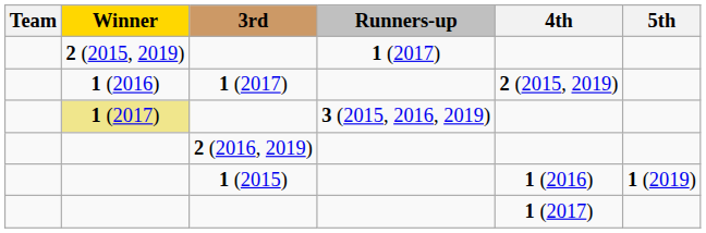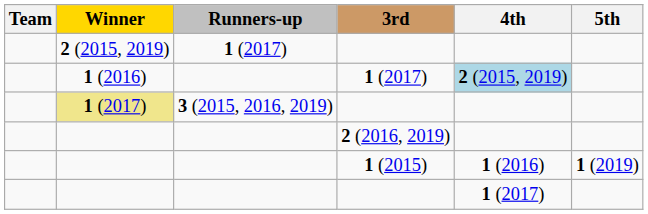 <table class="wikitable sortable"  style="text-align: center;">
 <tr>
 <th>Team</th>
 <th style="background:#FFD700;">Winner</th>
+<th style="background:#C0C0C0;">Runners-up</th>
 <th style="background:#CC9966;">3rd</th>
-<th style="background:#C0C0C0;">Runners-up</th>
 <th>4th</th>
 <th>5th</th>
 </tr>
 <tr>
 <td align=left></td>
 <td><strong>2</strong> (<a href='#'>2015</a>, <a href='#'>2019</a>)</td>
+<td><strong>1</strong> (<a href='#'>2017</a>)</td>
 <td></td>
-<td><strong>1</strong> (<a href='#'>2017</a>)</td>
 <td></td>
 <td></td>
 </tr>
 <tr>
 <td align=left></td>
 <td><strong>1</strong> (<a href='#'>2016</a>)</td>
+<td></td>
 <td><strong>1</strong> (<a href='#'>2017</a>)</td>
-<td></td>
-<td><strong>2</strong> (<a href='#'>2015</a>, <a href='#'>2019</a>)</td>
+<td style="background: lightblue;"><strong>2</strong> (<a href='#'>2015</a>, <a href='#'>2019</a>)</td>
 <td></td>
 </tr>
 <tr>
 <td align=left></td>
 <td style="background: khaki;"><strong>1</strong> (<a href='#'>2017</a>)</td>
-<td></td>
 <td><strong>3</strong> (<a href='#'>2015</a>, <a href='#'>2016</a>, <a href='#'>2019</a>)</td>
-<td></td>
-<td></td>
-</tr>
-<tr>
-<td align=left></td>
-<td></td>
-<td><strong>2</strong> (<a href='#'>2016</a>, <a href='#'>2019</a>)</td>
 <td></td>
 <td></td>
 <td></td>
 </tr>
 <tr>
 <td align=left></td>
 <td></td>
+<td></td>
+<td><strong>2</strong> (<a href='#'>2016</a>, <a href='#'>2019</a>)</td>
+<td></td>
+<td></td>
+</tr>
+<tr>
+<td align=left></td>
+<td></td>
+<td></td>
 <td><strong>1</strong> (<a href='#'>2015</a>)</td>
-<td></td>
 <td><strong>1</strong> (<a href='#'>2016</a>)</td>
 <td><strong>1</strong> (<a href='#'>2019</a>)</td>
 </tr>
 <tr>
 <td align=left></td>
 <td></td>
 <td></td>
 <td></td>
 <td><strong>1</strong> (<a href='#'>2017</a>)</td>
 <td></td>
 </tr>
 </table>
